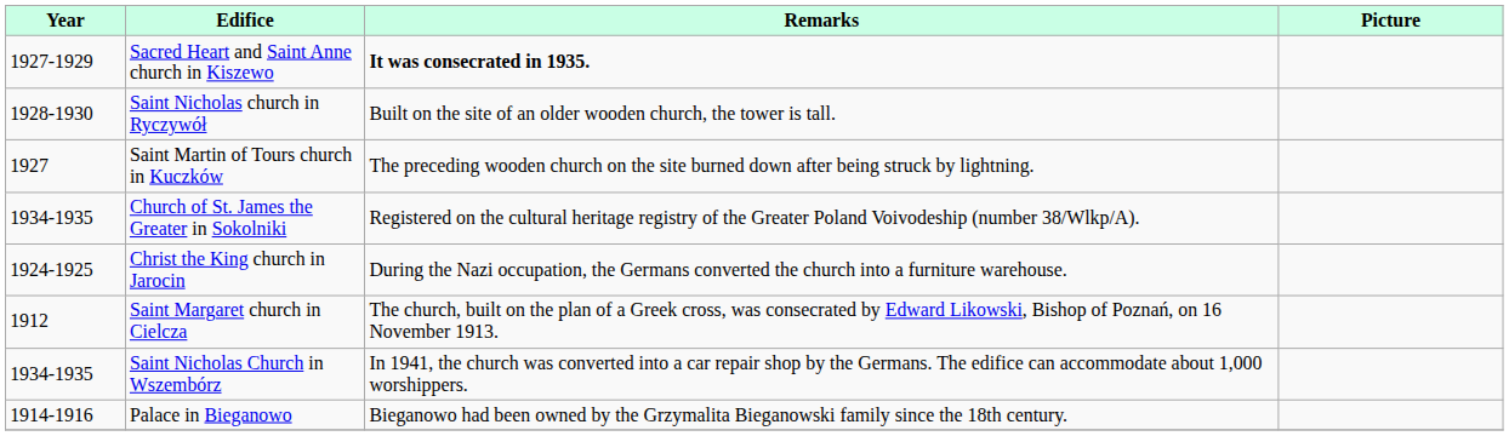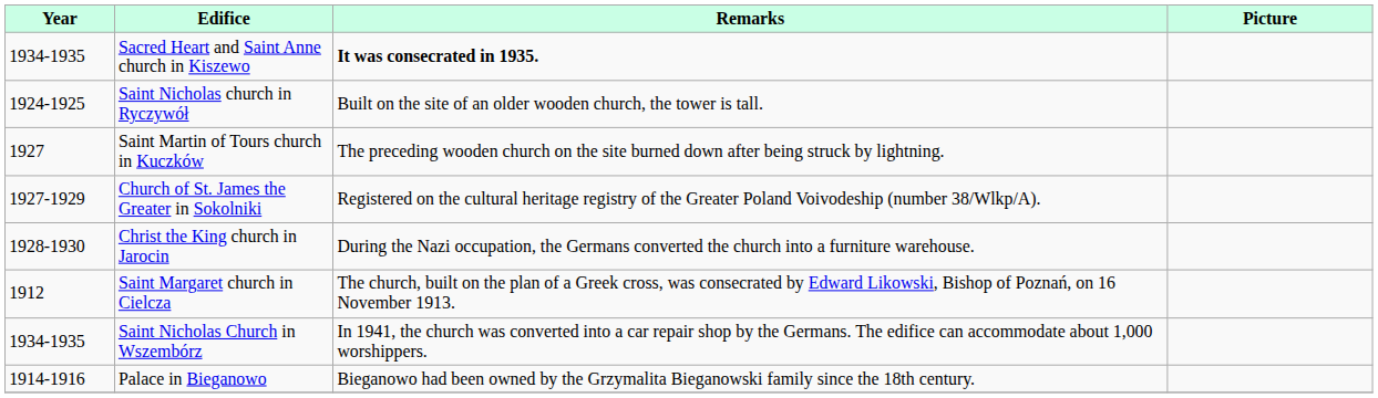 <table class="wikitable" style="flex:30em">
 <tr align="center" bgcolor="#C9FFE5">
 <td width=8%><strong>Year</strong></td>
 <td width=16%><strong>Edifice</strong></td>
 <td width=61%><strong>Remarks</strong></td>
 <td width=15%><strong>Picture</strong></td>
 </tr>
 <tr ----bgcolor="#FFFFFF">
-<td>1927-1929</td>
+<td>1934-1935</td>
 <td><a href='#'>Sacred Heart</a> and <a href='#'>Saint Anne</a> church in <a href='#'>Kiszewo</a></td>
 <td><strong>It was consecrated in 1935.</strong></td>
 <td></td>
 </tr>
 <tr>
-<td>1928-1930</td>
+<td>1924-1925</td>
 <td><a href='#'>Saint Nicholas</a> church in <a href='#'>Ryczywół</a></td>
 <td>Built on the site of an older wooden church, the tower is  tall.</td>
 <td></td>
 </tr>
 <tr ----bgcolor="#FFFFFF">
 <td>1927</td>
 <td>Saint Martin of Tours church in <a href='#'>Kuczków</a></td>
 <td>The preceding wooden church on the site burned down after being struck by lightning.</td>
 <td></td>
 </tr>
 <tr>
-<td>1934-1935</td>
+<td>1927-1929</td>
 <td><a href='#'>Church of St. James the Greater</a> in <a href='#'>Sokolniki</a></td>
 <td>Registered on the cultural heritage registry of the Greater Poland Voivodeship (number 38/Wlkp/A).</td>
 <td></td>
 </tr>
 <tr ----bgcolor="#FFFFFF">
-<td>1924-1925</td>
+<td>1928-1930</td>
 <td><a href='#'>Christ the King</a> church in <a href='#'>Jarocin</a></td>
 <td>During the Nazi occupation, the Germans converted the church into a furniture warehouse.</td>
 <td></td>
 </tr>
 <tr>
 <td>1912</td>
 <td><a href='#'>Saint Margaret</a> church in <a href='#'>Cielcza</a></td>
 <td>The church, built on the plan of a Greek cross, was consecrated by <a href='#'>Edward Likowski</a>, Bishop of Poznań, on 16 November 1913.</td>
 <td></td>
 </tr>
 <tr ----bgcolor="#FFFFFF">
 <td>1934-1935</td>
 <td><a href='#'>Saint Nicholas Church</a> in <a href='#'>Wszembórz</a></td>
 <td>In 1941, the church was converted into a car repair shop by the Germans. The edifice can accommodate about 1,000 worshippers.</td>
 <td></td>
 </tr>
 <tr>
 <td>1914-1916</td>
 <td>Palace in <a href='#'>Bieganowo</a></td>
 <td>Bieganowo had been owned by the Grzymalita Bieganowski family since the 18th century.</td>
 <td></td>
 </tr>
 <tr ----bgcolor="#FFFFFF">
 </tr>
 </table>
